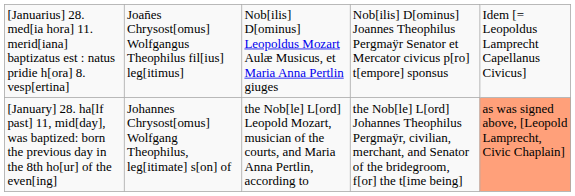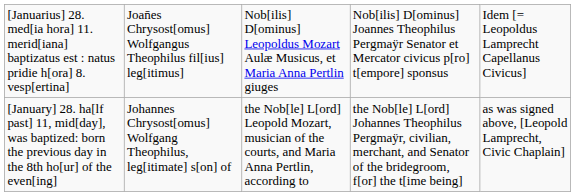 <table class="wikitable" style="width: 700px; margin-left: auto; margin-right: auto;">
 <tr>
 <td valign=top>[Januarius] 28. med[ia hora] 11. merid[iana] baptizatus est : natus pridie h[ora] 8. vesp[ertina]</td>
 <td valign=top>Joan̄es Chrysost[omus] Wolfgangus Theophilus fil[ius] leg[itimus]</td>
 <td valign=top>Nob[ilis] D[ominus] <a href='#'>Leopoldus Mozart</a> Aulæ Musicus, et <a href='#'>Maria Anna Pertlin</a> giuges</td>
 <td valign=top>Nob[ilis] D[ominus] Joannes Theophilus Pergmaÿr Senator et Mercator civicus p[ro] t[empore] sponsus</td>
 <td valign=top>Idem [= Leopoldus Lamprecht Capellanus Civicus]</td>
 </tr>
 <tr>
 <td valign=top>[January] 28. ha[lf past] 11, mid[day], was baptized: born the previous day in the 8th ho[ur] of the even[ing]</td>
 <td valign=top>Johannes Chrysost[omus] Wolfgang Theophilus, leg[itimate] s[on] of</td>
 <td valign=top>the Nob[le] L[ord] Leopold Mozart, musician of the courts, and Maria Anna Pertlin, according to</td>
 <td valign=top>the Nob[le] L[ord] Johannes Theophilus Pergmaÿr, civilian, merchant, and Senator of the bridegroom, f[or] the t[ime being]</td>
-<td valign=top style="background: lightsalmon;">as was signed above, [Leopold Lamprecht, Civic Chaplain]</td>
+<td valign=top>as was signed above, [Leopold Lamprecht, Civic Chaplain]</td>
 </tr>
 </table>
